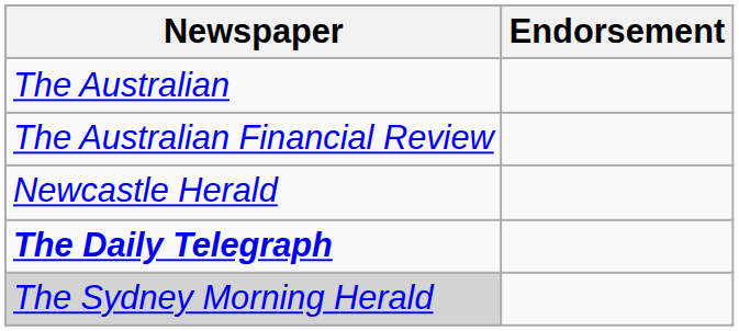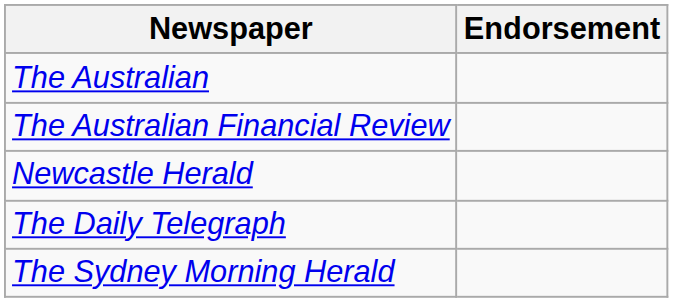 <table class="wikitable">
 <tr>
 <th>Newspaper</th>
 <th colspan="2">Endorsement</th>
 </tr>
 <tr>
 <td><em><a href='#'>The Australian</a></em></td>
 <td></td>
 </tr>
 <tr>
 <td><em><a href='#'>The Australian Financial Review</a></em></td>
 <td></td>
 </tr>
 <tr>
 <td><em><a href='#'>Newcastle Herald</a></em></td>
 <td></td>
 </tr>
 <tr>
-<td><strong><em><a href='#'>The Daily Telegraph</a></em></strong></td>
+<td><em><a href='#'>The Daily Telegraph</a></em></td>
 <td></td>
 </tr>
 <tr>
-<td style="background: lightgrey;"><em><a href='#'>The Sydney Morning Herald</a></em></td>
+<td><em><a href='#'>The Sydney Morning Herald</a></em></td>
 <td></td>
 </tr>
 </table>
